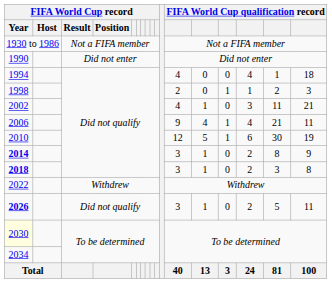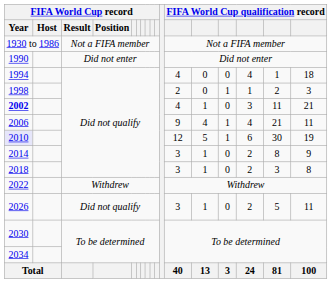 <table class="wikitable" style="text-align: center;">
 <tr>
 <th colspan="10"><a href='#'>FIFA World Cup</a> record</th>
 <th width="1" rowspan="26"></th>
 <th colspan="6"><a href='#'>FIFA World Cup qualification</a> record</th>
 </tr>
 <tr>
 <th>Year</th>
 <th>Host</th>
 <th>Result</th>
 <th>Position</th>
 <th></th>
 <th></th>
 <th></th>
 <th></th>
 <th></th>
 <th></th>
 <th></th>
 <th></th>
 <th></th>
 <th></th>
 <th></th>
 <th></th>
 </tr>
 <tr>
 <td colspan=2><a href='#'>1930</a> to <a href='#'>1986</a></td>
 <td colspan=8><em>Not a FIFA member</em></td>
 <td colspan=6><em>Not a FIFA member</em></td>
 </tr>
 <tr>
 <td><a href='#'>1990</a></td>
 <td align=left></td>
 <td colspan=8><em>Did not enter</em></td>
 <td colspan=6><em>Did not enter</em></td>
 </tr>
 <tr>
 <td><a href='#'>1994</a></td>
 <td align=left></td>
 <td Rowspan=7 Colspan=8><em>Did not qualify</em></td>
 <td>4</td>
 <td>0</td>
 <td>0</td>
 <td>4</td>
 <td>1</td>
 <td>18</td>
 </tr>
 <tr>
 <td><a href='#'>1998</a></td>
 <td align=left></td>
 <td>2</td>
 <td>0</td>
 <td>1</td>
 <td>1</td>
 <td>2</td>
 <td>3</td>
 </tr>
 <tr>
-<td><a href='#'>2002</a></td>
+<td><strong><a href='#'>2002</a></strong></td>
 <td align=left><br></td>
 <td>4</td>
 <td>1</td>
 <td>0</td>
 <td>3</td>
 <td>11</td>
 <td>21</td>
 </tr>
 <tr>
 <td><a href='#'>2006</a></td>
 <td align=left></td>
 <td>9</td>
 <td>4</td>
 <td>1</td>
 <td>4</td>
 <td>21</td>
 <td>11</td>
 </tr>
 <tr>
-<td><a href='#'>2010</a></td>
+<td style="background: lavender;"><a href='#'>2010</a></td>
 <td align=left></td>
 <td>12</td>
 <td>5</td>
 <td>1</td>
 <td>6</td>
 <td>30</td>
 <td>19</td>
 </tr>
 <tr>
-<td><strong><a href='#'>2014</a></strong></td>
+<td><a href='#'>2014</a></td>
 <td align=left></td>
 <td>3</td>
 <td>1</td>
 <td>0</td>
 <td>2</td>
 <td>8</td>
 <td>9</td>
 </tr>
 <tr>
-<td><strong><a href='#'>2018</a></strong></td>
+<td><a href='#'>2018</a></td>
 <td align=left></td>
 <td>3</td>
 <td>1</td>
 <td>0</td>
 <td>2</td>
 <td>3</td>
 <td>8</td>
 </tr>
 <tr>
 <td><a href='#'>2022</a></td>
 <td align=left></td>
 <td colspan="8"><em>Withdrew</em></td>
 <td colspan="6"><em>Withdrew</em></td>
 </tr>
 <tr>
-<td><strong><a href='#'>2026</a></strong></td>
+<td><a href='#'>2026</a></td>
 <td align=left><br><br></td>
 <td colspan="8"><em>Did not qualify</em></td>
 <td>3</td>
 <td>1</td>
 <td>0</td>
 <td>2</td>
 <td>5</td>
 <td>11</td>
 </tr>
 <tr>
-<td style="background: lightyellow;"><a href='#'>2030</a></td>
+<td><a href='#'>2030</a></td>
 <td align=left><br><br></td>
 <td colspan="8" rowspan=2><em>To be determined</em></td>
 <td colspan="6" rowspan=2><em>To be determined</em></td>
 </tr>
 <tr>
 <td><a href='#'>2034</a></td>
 <td align=left></td>
 </tr>
 <tr>
 <th colspan=2>Total</th>
 <th></th>
 <th></th>
 <th></th>
 <th></th>
 <th></th>
 <th></th>
 <th></th>
 <th></th>
 <th>40</th>
 <th>13</th>
 <th>3</th>
 <th>24</th>
 <th>81</th>
 <th>100</th>
 </tr>
 </table>
